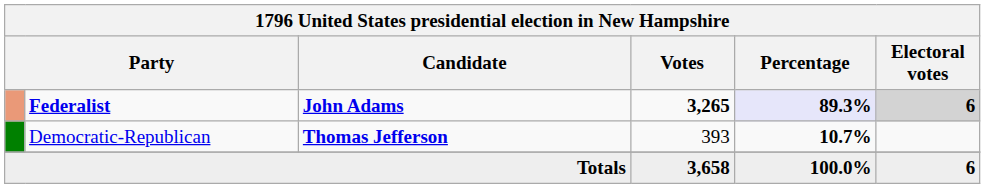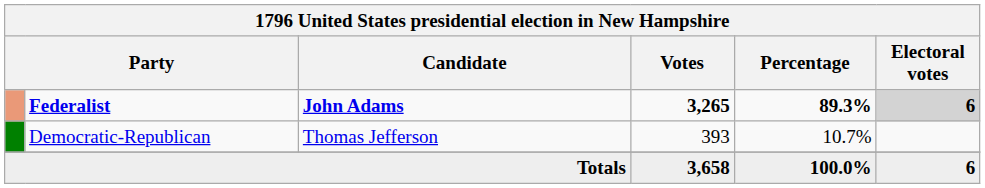 <table class="wikitable" style="font-size: 95%;">
 <tr>
 <th colspan="6">1796 United States presidential election in New Hampshire</th>
 </tr>
 <tr>
 <th colspan="2" style="width: 15em">Party</th>
 <th style="width: 17em">Candidate</th>
 <th style="width: 5em">Votes</th>
 <th style="width: 7em">Percentage</th>
 <th style="width: 5em">Electoral votes</th>
 </tr>
 <tr>
 <th style="background-color:#EA9978; width: 3px"></th>
 <td style="width: 130px"><strong><a href='#'>Federalist</a></strong></td>
 <td><strong><a href='#'>John Adams</a></strong></td>
 <td align="right"><strong>3,265</strong></td>
-<td align="right" style="background: lavender;"><strong>89.3%</strong></td>
+<td align="right"><strong>89.3%</strong></td>
 <td align="right" style="background: lightgrey;"><strong>6</strong></td>
 </tr>
 <tr>
 <th style="background-color:#008000; width: 3px"></th>
 <td style="width: 130px"><a href='#'>Democratic-Republican</a></td>
-<td><strong><a href='#'>Thomas Jefferson</a></strong></td>
+<td><a href='#'>Thomas Jefferson</a></td>
 <td align="right">393</td>
-<td align="right"><strong>10.7%</strong></td>
+<td align="right">10.7%</td>
 <td align="right"></td>
 </tr>
 <tr>
 </tr>
 <tr>
 </tr>
 <tr bgcolor="#EEEEEE">
 <td colspan="3" align="right"><strong>Totals</strong></td>
 <td align="right"><strong>3,658</strong></td>
 <td align="right"><strong>100.0%</strong></td>
 <td align="right"><strong>6</strong></td>
 </tr>
 </table>
